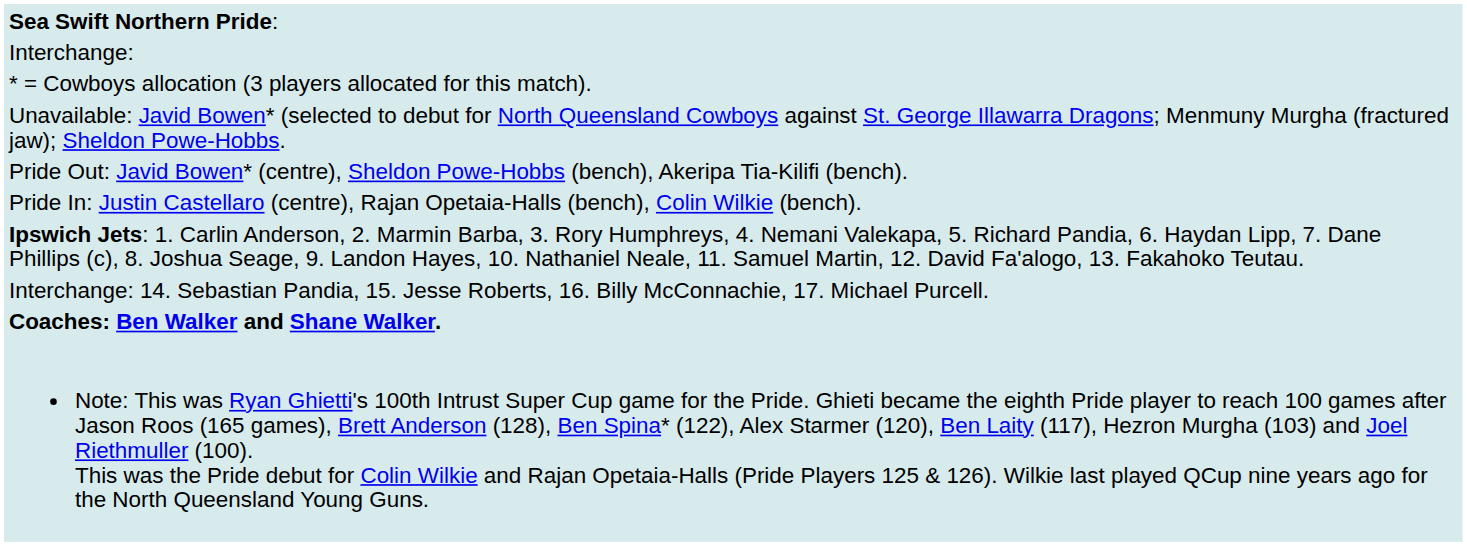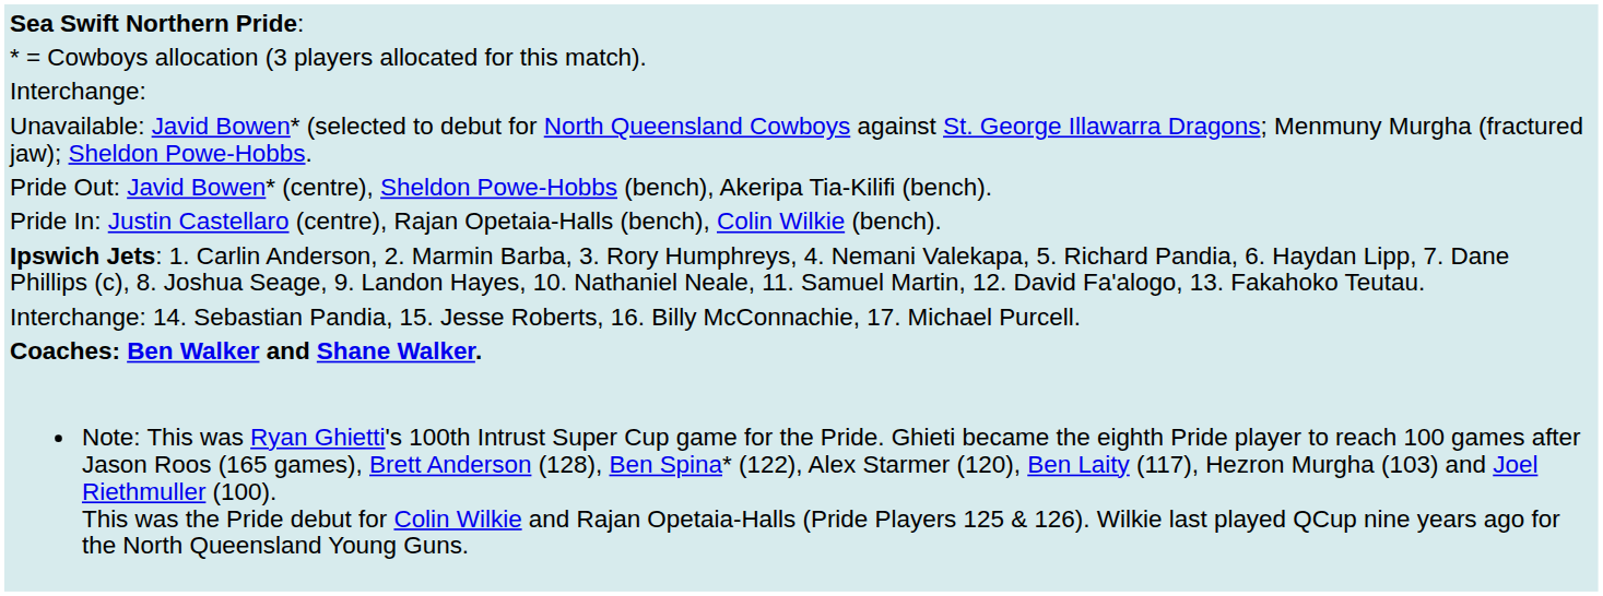 <table style="background:#d7ebed; font-size:85%; width:100%;">
 <tr>
 <td><strong>Sea Swift Northern Pride</strong>:             </td>
 </tr>
 <tr>
-<td>Interchange:    </td>
+<td>* = Cowboys allocation (3 players allocated for this match).</td>
 </tr>
 <tr>
-<td>* = Cowboys allocation (3 players allocated for this match).</td>
+<td>Interchange:    </td>
 </tr>
 <tr>
 <td>Unavailable: <a href='#'>Javid Bowen</a>* (selected to debut for <a href='#'>North Queensland Cowboys</a> against <a href='#'>St. George Illawarra Dragons</a>; Menmuny Murgha (fractured jaw); <a href='#'>Sheldon Powe-Hobbs</a>.</td>
 </tr>
 <tr>
 <td>Pride Out: <a href='#'>Javid Bowen</a>* (centre), <a href='#'>Sheldon Powe-Hobbs</a> (bench), Akeripa Tia-Kilifi (bench).</td>
 </tr>
 <tr>
 <td>Pride In: <a href='#'>Justin Castellaro</a> (centre), Rajan Opetaia-Halls (bench), <a href='#'>Colin Wilkie</a> (bench).</td>
 </tr>
 <tr>
 <td><strong>Ipswich Jets</strong>: 1. Carlin Anderson, 2. Marmin Barba, 3. Rory Humphreys, 4. Nemani Valekapa, 5. Richard Pandia, 6. Haydan Lipp, 7. Dane Phillips (c), 8. Joshua Seage, 9. Landon Hayes, 10. Nathaniel Neale, 11. Samuel Martin, 12. David Fa'alogo, 13. Fakahoko Teutau.</td>
 </tr>
 <tr>
 <td>Interchange: 14. Sebastian Pandia, 15. Jesse Roberts, 16. Billy McConnachie, 17. Michael Purcell.</td>
 </tr>
 <tr>
 <td><strong>Coaches: <a href='#'>Ben Walker</a> and <a href='#'>Shane Walker</a>.</strong></td>
 </tr>
 <tr>
 <td><br><ul><li>Note: This was <a href='#'>Ryan Ghietti</a>'s 100th Intrust Super Cup game for the Pride. Ghieti became the eighth Pride player to reach 100 games after Jason Roos (165 games), <a href='#'>Brett Anderson</a> (128), <a href='#'>Ben Spina</a>* (122), Alex Starmer (120), <a href='#'>Ben Laity</a> (117), Hezron Murgha (103) and <a href='#'>Joel Riethmuller</a> (100).<br>This was the Pride debut for <a href='#'>Colin Wilkie</a> and Rajan Opetaia-Halls (Pride Players 125 & 126). Wilkie last played QCup nine years ago for the North Queensland Young Guns.</li></ul></td>
 </tr>
 <tr>
 </tr>
 </table>
